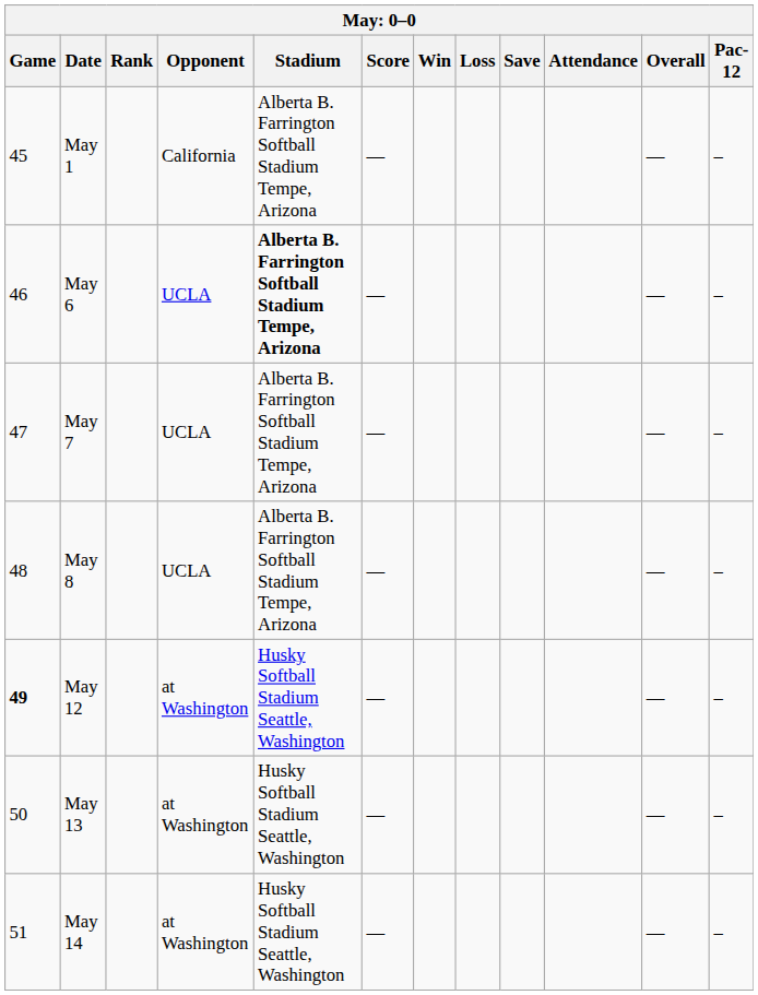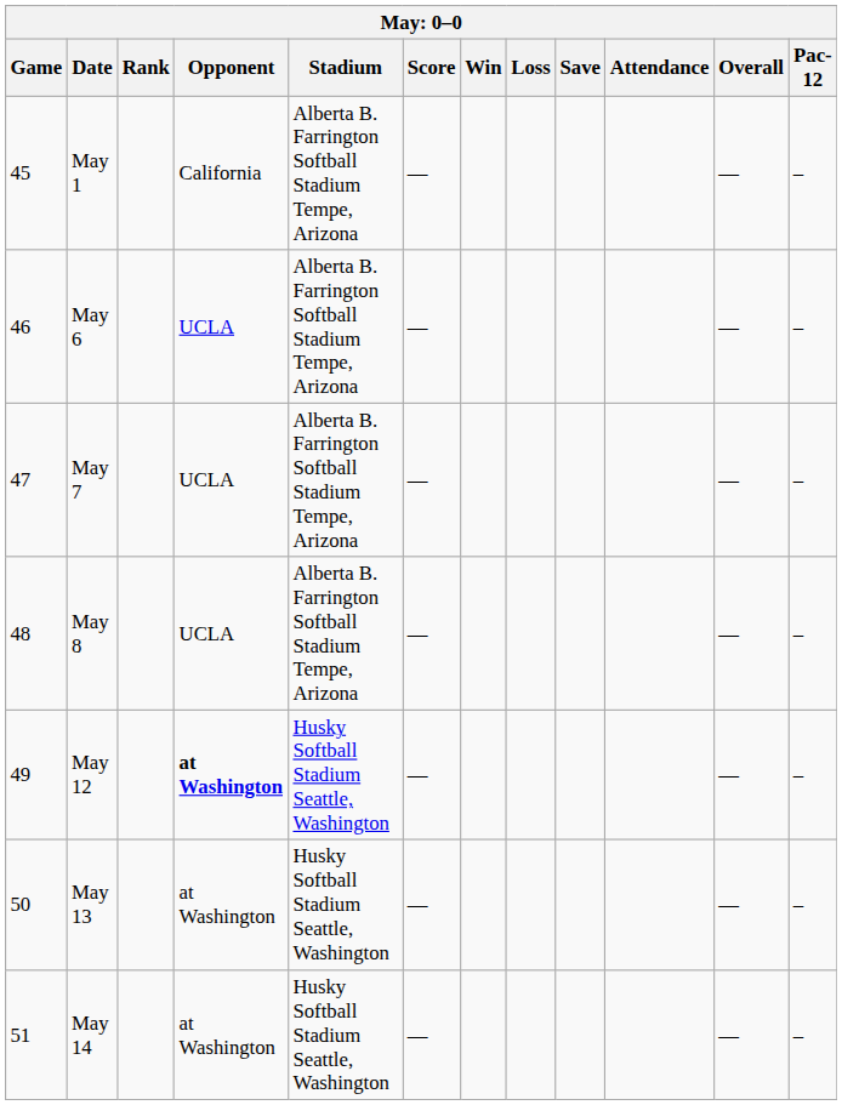 <table class="wikitable collapsible collapsed" style="margin:auto; font-size:95%; width:100%">
 <tr>
 <th colspan=12>May: 0–0</th>
 </tr>
 <tr>
 <th>Game</th>
 <th>Date</th>
 <th>Rank</th>
 <th>Opponent</th>
 <th>Stadium</th>
 <th>Score</th>
 <th>Win</th>
 <th>Loss</th>
 <th>Save</th>
 <th>Attendance</th>
 <th>Overall</th>
 <th>Pac-12</th>
 </tr>
 <tr style="background:">
 <td>45</td>
 <td>May 1</td>
 <td></td>
 <td>California</td>
 <td>Alberta B. Farrington Softball Stadium<br>Tempe, Arizona</td>
 <td>—</td>
 <td></td>
 <td></td>
 <td></td>
 <td></td>
 <td>—</td>
 <td>–</td>
 </tr>
 <tr style="background:">
 <td>46</td>
 <td>May 6</td>
 <td></td>
 <td><a href='#'>UCLA</a></td>
-<td><strong>Alberta B. Farrington Softball Stadium<br>Tempe, Arizona</strong></td>
+<td>Alberta B. Farrington Softball Stadium<br>Tempe, Arizona</td>
 <td>—</td>
 <td></td>
 <td></td>
 <td></td>
 <td></td>
 <td>—</td>
 <td>–</td>
 </tr>
 <tr style="background:">
 <td>47</td>
 <td>May 7</td>
 <td></td>
 <td>UCLA</td>
 <td>Alberta B. Farrington Softball Stadium<br>Tempe, Arizona</td>
 <td>—</td>
 <td></td>
 <td></td>
 <td></td>
 <td></td>
 <td>—</td>
 <td>–</td>
 </tr>
 <tr style="background:">
 <td>48</td>
 <td>May 8</td>
 <td></td>
 <td>UCLA</td>
 <td>Alberta B. Farrington Softball Stadium<br>Tempe, Arizona</td>
 <td>—</td>
 <td></td>
 <td></td>
 <td></td>
 <td></td>
 <td>—</td>
 <td>–</td>
 </tr>
 <tr style="background:">
-<td><strong>49</strong></td>
+<td>49</td>
 <td>May 12</td>
 <td></td>
-<td>at <a href='#'>Washington</a></td>
+<td><strong>at <a href='#'>Washington</a></strong></td>
 <td><a href='#'>Husky Softball Stadium</a><br><a href='#'>Seattle, Washington</a></td>
 <td>—</td>
 <td></td>
 <td></td>
 <td></td>
 <td></td>
 <td>—</td>
 <td>–</td>
 </tr>
 <tr style="background:">
 <td>50</td>
 <td>May 13</td>
 <td></td>
 <td>at Washington</td>
 <td>Husky Softball Stadium<br>Seattle, Washington</td>
 <td>—</td>
 <td></td>
 <td></td>
 <td></td>
 <td></td>
 <td>—</td>
 <td>–</td>
 </tr>
 <tr style="background:">
 <td>51</td>
 <td>May 14</td>
 <td></td>
 <td>at Washington</td>
 <td>Husky Softball Stadium<br>Seattle, Washington</td>
 <td>—</td>
 <td></td>
 <td></td>
 <td></td>
 <td></td>
 <td>—</td>
 <td>–</td>
 </tr>
 </table>
